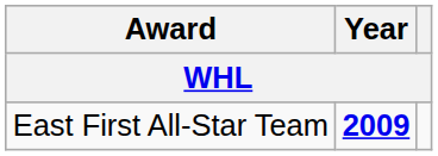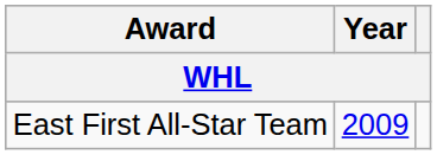 <table class=wikitable style="text-align:left;">
 <tr>
 <th>Award</th>
 <th>Year</th>
 <th></th>
 </tr>
 <tr>
 <th colspan="3"><a href='#'>WHL</a></th>
 </tr>
 <tr>
 <td>East First All-Star Team</td>
-<td><strong><a href='#'>2009</a></strong></td>
+<td><a href='#'>2009</a></td>
 <td></td>
 </tr>
 </table>
